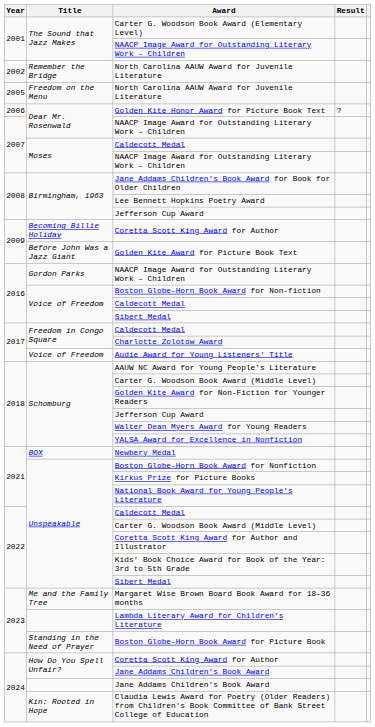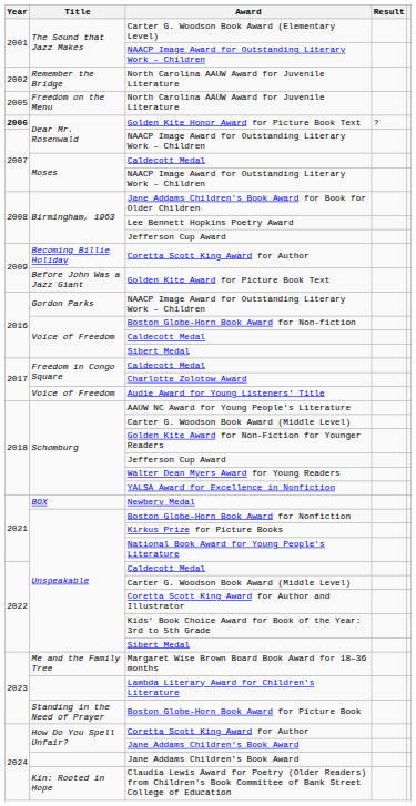 <table class="wikitable sortable mw-collapsible">
 <tr>
 <th scope="col">Year</th>
 <th scope="col">Title</th>
 <th scope="col">Award</th>
 <th scope="col">Result</th>
 <th scope="col"></th>
 </tr>
 <tr>
 <td rowspan="2">2001</td>
 <td rowspan="2"><em>The Sound that Jazz Makes</em></td>
 <td>Carter G. Woodson Book Award (Elementary Level)</td>
 <td></td>
 <td></td>
 </tr>
 <tr>
 <td><a href='#'>NAACP Image Award for Outstanding Literary Work – Children</a></td>
 <td></td>
 <td></td>
 </tr>
 <tr>
 <td>2002</td>
 <td><em>Remember the Bridge</em></td>
 <td>North Carolina AAUW Award for Juvenile Literature</td>
 <td></td>
 <td></td>
 </tr>
 <tr>
 <td>2005</td>
 <td><em>Freedom on the Menu</em></td>
 <td>North Carolina AAUW Award for Juvenile Literature</td>
 <td></td>
 <td></td>
 </tr>
 <tr>
-<td>2006</td>
+<td><strong>2006</strong></td>
 <td rowspan="2"><em>Dear Mr. Rosenwald</em></td>
 <td><a href='#'>Golden Kite Honor Award</a> for Picture Book Text</td>
 <td>?</td>
 <td></td>
 </tr>
 <tr>
 <td rowspan="3">2007</td>
 <td>NAACP Image Award for Outstanding Literary Work – Children</td>
 <td></td>
 <td></td>
 </tr>
 <tr>
 <td rowspan="2"><em>Moses</em></td>
 <td><a href='#'>Caldecott Medal</a></td>
 <td></td>
 <td></td>
 </tr>
 <tr>
 <td>NAACP Image Award for Outstanding Literary Work – Children</td>
 <td></td>
 <td></td>
 </tr>
 <tr>
 <td rowspan="3">2008</td>
 <td rowspan="3"><em>Birmingham, 1963</em></td>
 <td><a href='#'>Jane Addams Children's Book Award</a> for Book for Older Children</td>
 <td></td>
 <td></td>
 </tr>
 <tr>
 <td>Lee Bennett Hopkins Poetry Award</td>
 <td></td>
 <td></td>
 </tr>
 <tr>
 <td>Jefferson Cup Award</td>
 <td></td>
 <td></td>
 </tr>
 <tr>
 <td rowspan="2">2009</td>
 <td><em><a href='#'>Becoming Billie Holiday</a></em></td>
 <td><a href='#'>Coretta Scott King Award</a> for Author</td>
 <td></td>
 <td></td>
 </tr>
 <tr>
 <td><em>Before John Was a Jazz Giant</em></td>
 <td><a href='#'>Golden Kite Award</a> for Picture Book Text</td>
 <td></td>
 <td></td>
 </tr>
 <tr>
 <td rowspan="4">2016</td>
 <td><em>Gordon Parks</em></td>
 <td>NAACP Image Award for Outstanding Literary Work – Children</td>
 <td></td>
 <td></td>
 </tr>
 <tr>
 <td rowspan="3"><em>Voice of Freedom</em></td>
 <td><a href='#'>Boston Globe–Horn Book Award</a> for Non-fiction</td>
 <td></td>
 <td></td>
 </tr>
 <tr>
 <td><a href='#'>Caldecott Medal</a></td>
 <td></td>
 <td></td>
 </tr>
 <tr>
 <td><a href='#'>Sibert Medal</a></td>
 <td></td>
 <td></td>
 </tr>
 <tr>
 <td rowspan="3">2017</td>
 <td rowspan="2"><em>Freedom in Congo Square</em></td>
 <td><a href='#'>Caldecott Medal</a></td>
 <td></td>
 <td></td>
 </tr>
 <tr>
 <td><a href='#'>Charlotte Zolotow Award</a></td>
 <td></td>
 <td></td>
 </tr>
 <tr>
 <td><em>Voice of Freedom</em></td>
 <td><a href='#'>Audie Award for Young Listeners' Title</a></td>
 <td></td>
 <td></td>
 </tr>
 <tr>
 <td rowspan="6">2018</td>
 <td rowspan="6"><em>Schomburg</em></td>
 <td>AAUW NC Award for Young People's Literature</td>
 <td></td>
 <td></td>
 </tr>
 <tr>
 <td>Carter G. Woodson Book Award (Middle Level)</td>
 <td></td>
 <td></td>
 </tr>
 <tr>
 <td><a href='#'>Golden Kite Award</a> for Non-Fiction for Younger Readers</td>
 <td></td>
 <td></td>
 </tr>
 <tr>
 <td>Jefferson Cup Award</td>
 <td></td>
 <td></td>
 </tr>
 <tr>
 <td><a href='#'>Walter Dean Myers Award</a> for Young Readers</td>
 <td></td>
 <td></td>
 </tr>
 <tr>
 <td><a href='#'>YALSA Award for Excellence in Nonfiction</a></td>
 <td></td>
 <td></td>
 </tr>
 <tr>
 <td rowspan="4">2021</td>
 <td><em><a href='#'>BOX</a></em></td>
 <td><a href='#'>Newbery Medal</a></td>
 <td></td>
 <td></td>
 </tr>
 <tr>
 <td rowspan="8"><em><a href='#'>Unspeakable</a></em></td>
 <td><a href='#'>Boston Globe–Horn Book Award</a> for Nonfiction</td>
 <td></td>
 <td></td>
 </tr>
 <tr>
 <td><a href='#'>Kirkus Prize</a> for Picture Books</td>
 <td></td>
 <td></td>
 </tr>
 <tr>
 <td><a href='#'>National Book Award for Young People's Literature</a></td>
 <td></td>
 <td></td>
 </tr>
 <tr>
 <td rowspan="5">2022</td>
 <td><a href='#'>Caldecott Medal</a></td>
 <td></td>
 <td></td>
 </tr>
 <tr>
 <td>Carter G. Woodson Book Award (Middle Level)</td>
 <td></td>
 <td></td>
 </tr>
 <tr>
 <td><a href='#'>Coretta Scott King Award</a> for Author and Illustrator</td>
 <td></td>
 <td></td>
 </tr>
 <tr>
 <td>Kids' Book Choice Award for Book of the Year: 3rd to 5th Grade</td>
 <td></td>
 <td></td>
 </tr>
 <tr>
 <td><a href='#'>Sibert Medal</a></td>
 <td></td>
 <td></td>
 </tr>
 <tr>
 <td rowspan="3">2023</td>
 <td><em>Me and the Family Tree</em></td>
 <td>Margaret Wise Brown Board Book Award for 18–36 months</td>
 <td></td>
 <td></td>
 </tr>
 <tr>
 <td></td>
 <td><a href='#'>Lambda Literary Award for Children's Literature</a></td>
 <td></td>
 <td></td>
 </tr>
 <tr>
 <td><em>Standing in the Need of Prayer</em></td>
 <td><a href='#'>Boston Globe–Horn Book Award</a> for Picture Book</td>
 <td></td>
 <td></td>
 </tr>
 <tr>
 <td rowspan="4">2024</td>
 <td rowspan="2"><em>How Do You Spell Unfair?</em></td>
 <td><a href='#'>Coretta Scott King Award</a> for Author</td>
 <td></td>
 <td></td>
 </tr>
 <tr>
 <td><a href='#'>Jane Addams Children's Book Award</a></td>
 <td></td>
 <td></td>
 </tr>
 <tr>
 <td></td>
 <td>Jane Addams Children's Book Award</td>
 <td></td>
 <td></td>
 </tr>
 <tr>
 <td><em>Kin: Rooted in Hope</em></td>
 <td>Claudia Lewis Award for Poetry (Older Readers) from Children's Book Committee of Bank Street College of Education</td>
 <td></td>
 <td></td>
 </tr>
 </table>
